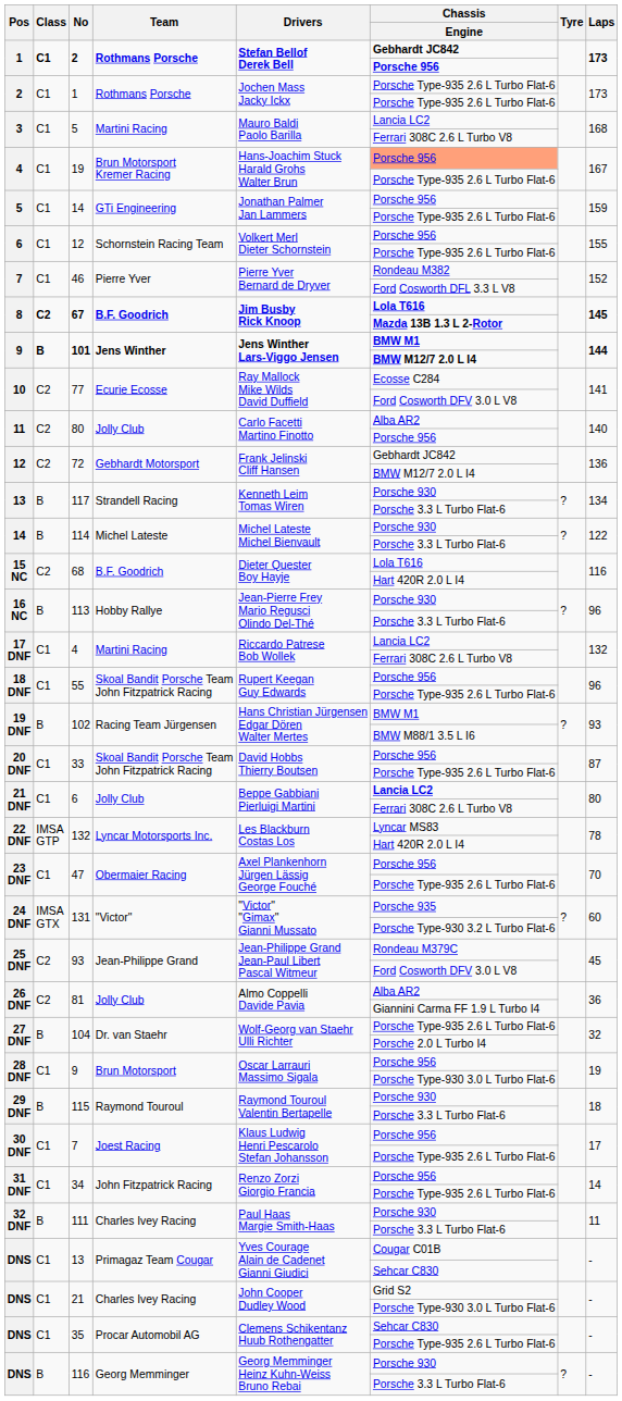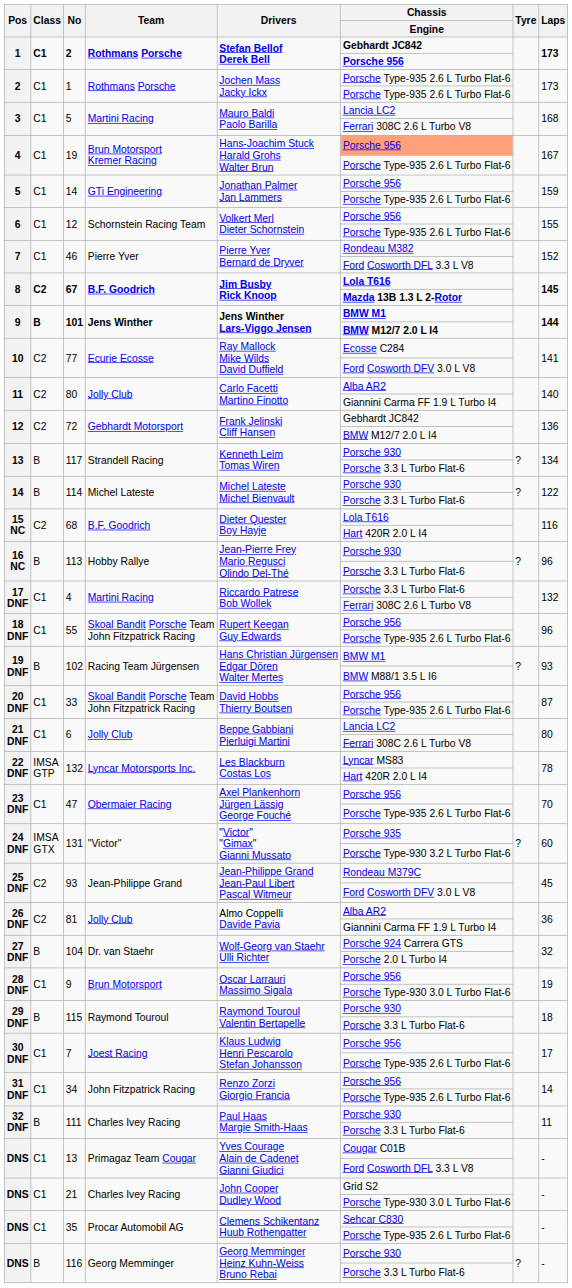 <table class="wikitable" style="font-size: 95%;">
 <tr>
 <th rowspan=2>Pos</th>
 <th rowspan=2>Class</th>
 <th rowspan=2>No</th>
 <th rowspan=2>Team</th>
 <th rowspan=2>Drivers</th>
 <th>Chassis</th>
 <th rowspan=2>Tyre</th>
 <th rowspan=2>Laps</th>
 </tr>
 <tr>
 <th>Engine</th>
 </tr>
 <tr style="font-weight:bold">
 <th rowspan=2>1</th>
 <td rowspan=2>C1</td>
 <td rowspan=2>2</td>
 <td rowspan=2> <a href='#'>Rothmans</a> <a href='#'>Porsche</a></td>
 <td rowspan=2> <a href='#'>Stefan Bellof</a><br> <a href='#'>Derek Bell</a></td>
 <td>Gebhardt JC842</td>
 <td rowspan=2></td>
 <td rowspan=2>173</td>
 </tr>
 <tr style="font-weight:bold">
 <td><a href='#'>Porsche 956</a></td>
 </tr>
 <tr>
 <th rowspan=2>2</th>
 <td rowspan=2>C1</td>
 <td rowspan=2>1</td>
 <td rowspan=2> <a href='#'>Rothmans</a> <a href='#'>Porsche</a></td>
 <td rowspan=2> <a href='#'>Jochen Mass</a><br> <a href='#'>Jacky Ickx</a></td>
 <td><a href='#'>Porsche</a> Type-935 2.6 L Turbo Flat-6</td>
 <td rowspan=2></td>
 <td rowspan=2>173</td>
 </tr>
 <tr>
 <td><a href='#'>Porsche</a> Type-935 2.6 L Turbo Flat-6</td>
 </tr>
 <tr>
 <th rowspan=2>3</th>
 <td rowspan=2>C1</td>
 <td rowspan=2>5</td>
 <td rowspan=2> <a href='#'>Martini Racing</a></td>
 <td rowspan=2> <a href='#'>Mauro Baldi</a><br> <a href='#'>Paolo Barilla</a></td>
 <td><a href='#'>Lancia LC2</a></td>
 <td rowspan=2></td>
 <td rowspan=2>168</td>
 </tr>
 <tr>
 <td><a href='#'>Ferrari</a> 308C 2.6 L Turbo V8</td>
 </tr>
 <tr>
 <th rowspan=2>4</th>
 <td rowspan=2>C1</td>
 <td rowspan=2>19</td>
 <td rowspan=2> <a href='#'>Brun Motorsport</a><br> <a href='#'>Kremer Racing</a></td>
 <td rowspan=2> <a href='#'>Hans-Joachim Stuck</a><br> <a href='#'>Harald Grohs</a><br> <a href='#'>Walter Brun</a></td>
 <td style="background: lightsalmon;"><a href='#'>Porsche 956</a></td>
 <td rowspan=2></td>
 <td rowspan=2>167</td>
 </tr>
 <tr>
 <td><a href='#'>Porsche</a> Type-935 2.6 L Turbo Flat-6</td>
 </tr>
 <tr>
 <th rowspan=2>5</th>
 <td rowspan=2>C1</td>
 <td rowspan=2>14</td>
 <td rowspan=2> <a href='#'>GTi Engineering</a></td>
 <td rowspan=2> <a href='#'>Jonathan Palmer</a><br> <a href='#'>Jan Lammers</a></td>
 <td><a href='#'>Porsche 956</a></td>
 <td rowspan=2></td>
 <td rowspan=2>159</td>
 </tr>
 <tr>
 <td><a href='#'>Porsche</a> Type-935 2.6 L Turbo Flat-6</td>
 </tr>
 <tr>
 <th rowspan=2>6</th>
 <td rowspan=2>C1</td>
 <td rowspan=2>12</td>
 <td rowspan=2> Schornstein Racing Team</td>
 <td rowspan=2> <a href='#'>Volkert Merl</a><br> <a href='#'>Dieter Schornstein</a></td>
 <td><a href='#'>Porsche 956</a></td>
 <td rowspan=2></td>
 <td rowspan=2>155</td>
 </tr>
 <tr>
 <td><a href='#'>Porsche</a> Type-935 2.6 L Turbo Flat-6</td>
 </tr>
 <tr>
 <th rowspan=2>7</th>
 <td rowspan=2>C1</td>
 <td rowspan=2>46</td>
 <td rowspan=2> Pierre Yver</td>
 <td rowspan=2> <a href='#'>Pierre Yver</a><br> <a href='#'>Bernard de Dryver</a></td>
 <td><a href='#'>Rondeau M382</a></td>
 <td rowspan=2></td>
 <td rowspan=2>152</td>
 </tr>
 <tr>
 <td><a href='#'>Ford</a> <a href='#'>Cosworth DFL</a> 3.3 L V8</td>
 </tr>
 <tr style="font-weight:bold">
 <th rowspan=2>8</th>
 <td rowspan=2>C2</td>
 <td rowspan=2>67</td>
 <td rowspan=2> <a href='#'>B.F. Goodrich</a></td>
 <td rowspan=2> <a href='#'>Jim Busby</a><br> <a href='#'>Rick Knoop</a></td>
 <td><a href='#'>Lola T616</a></td>
 <td rowspan=2></td>
 <td rowspan=2>145</td>
 </tr>
 <tr style="font-weight:bold">
 <td><a href='#'>Mazda</a> 13B 1.3 L 2-<a href='#'>Rotor</a></td>
 </tr>
 <tr style="font-weight:bold">
 <th rowspan=2>9</th>
 <td rowspan=2>B</td>
 <td rowspan=2>101</td>
 <td rowspan=2> Jens Winther</td>
 <td rowspan=2> Jens Winther<br> <a href='#'>Lars-Viggo Jensen</a></td>
 <td><a href='#'>BMW M1</a></td>
 <td rowspan=2></td>
 <td rowspan=2>144</td>
 </tr>
 <tr style="font-weight:bold">
 <td><a href='#'>BMW</a> M12/7 2.0 L I4</td>
 </tr>
 <tr>
 <th rowspan=2>10</th>
 <td rowspan=2>C2</td>
 <td rowspan=2>77</td>
 <td rowspan=2> <a href='#'>Ecurie Ecosse</a></td>
 <td rowspan=2> <a href='#'>Ray Mallock</a><br> <a href='#'>Mike Wilds</a><br> <a href='#'>David Duffield</a></td>
 <td><a href='#'>Ecosse</a> C284</td>
 <td rowspan=2></td>
 <td rowspan=2>141</td>
 </tr>
 <tr>
 <td><a href='#'>Ford</a> <a href='#'>Cosworth DFV</a> 3.0 L V8</td>
 </tr>
 <tr>
 <th rowspan=2>11</th>
 <td rowspan=2>C2</td>
 <td rowspan=2>80</td>
 <td rowspan=2> <a href='#'>Jolly Club</a></td>
 <td rowspan=2> <a href='#'>Carlo Facetti</a><br> <a href='#'>Martino Finotto</a></td>
 <td><a href='#'>Alba AR2</a></td>
 <td rowspan=2></td>
 <td rowspan=2>140</td>
 </tr>
 <tr>
-<td><a href='#'>Porsche 956</a></td>
+<td>Giannini Carma FF 1.9 L Turbo I4</td>
 </tr>
 <tr>
 <th rowspan=2>12</th>
 <td rowspan=2>C2</td>
 <td rowspan=2>72</td>
 <td rowspan=2> <a href='#'>Gebhardt Motorsport</a></td>
 <td rowspan=2> <a href='#'>Frank Jelinski</a><br> <a href='#'>Cliff Hansen</a></td>
 <td>Gebhardt JC842</td>
 <td rowspan=2></td>
 <td rowspan=2>136</td>
 </tr>
 <tr>
 <td><a href='#'>BMW</a> M12/7 2.0 L I4</td>
 </tr>
 <tr>
 <th rowspan=2>13</th>
 <td rowspan=2>B</td>
 <td rowspan=2>117</td>
 <td rowspan=2> Strandell Racing</td>
 <td rowspan=2> <a href='#'>Kenneth Leim</a><br> <a href='#'>Tomas Wiren</a></td>
 <td><a href='#'>Porsche 930</a></td>
 <td rowspan=2>?</td>
 <td rowspan=2>134</td>
 </tr>
 <tr>
 <td><a href='#'>Porsche</a> 3.3 L Turbo Flat-6</td>
 </tr>
 <tr>
 <th rowspan=2>14</th>
 <td rowspan=2>B</td>
 <td rowspan=2>114</td>
 <td rowspan=2> Michel Lateste</td>
 <td rowspan=2> <a href='#'>Michel Lateste</a><br> <a href='#'>Michel Bienvault</a></td>
 <td><a href='#'>Porsche 930</a></td>
 <td rowspan=2>?</td>
 <td rowspan=2>122</td>
 </tr>
 <tr>
 <td><a href='#'>Porsche</a> 3.3 L Turbo Flat-6</td>
 </tr>
 <tr>
 <th rowspan=2>15<br>NC</th>
 <td rowspan=2>C2</td>
 <td rowspan=2>68</td>
 <td rowspan=2> <a href='#'>B.F. Goodrich</a></td>
 <td rowspan=2> <a href='#'>Dieter Quester</a><br> <a href='#'>Boy Hayje</a></td>
 <td><a href='#'>Lola T616</a></td>
 <td rowspan=2></td>
 <td rowspan=2>116</td>
 </tr>
 <tr>
 <td><a href='#'>Hart</a> 420R 2.0 L I4</td>
 </tr>
 <tr>
 <th rowspan=2>16<br>NC</th>
 <td rowspan=2>B</td>
 <td rowspan=2>113</td>
 <td rowspan=2> Hobby Rallye</td>
 <td rowspan=2> <a href='#'>Jean-Pierre Frey</a><br> <a href='#'>Mario Regusci</a><br> <a href='#'>Olindo Del-Thé</a></td>
 <td><a href='#'>Porsche 930</a></td>
 <td rowspan=2>?</td>
 <td rowspan=2>96</td>
 </tr>
 <tr>
 <td><a href='#'>Porsche</a> 3.3 L Turbo Flat-6</td>
 </tr>
 <tr>
 <th rowspan=2>17<br>DNF</th>
 <td rowspan=2>C1</td>
 <td rowspan=2>4</td>
 <td rowspan=2> <a href='#'>Martini Racing</a></td>
 <td rowspan=2> <a href='#'>Riccardo Patrese</a><br> <a href='#'>Bob Wollek</a></td>
-<td><a href='#'>Lancia LC2</a></td>
+<td><a href='#'>Porsche</a> 3.3 L Turbo Flat-6</td>
 <td rowspan=2></td>
 <td rowspan=2>132</td>
 </tr>
 <tr>
 <td><a href='#'>Ferrari</a> 308C 2.6 L Turbo V8</td>
 </tr>
 <tr>
 <th rowspan=2>18<br>DNF</th>
 <td rowspan=2>C1</td>
 <td rowspan=2>55</td>
 <td rowspan=2> <a href='#'>Skoal Bandit</a> <a href='#'>Porsche</a> Team<br> John Fitzpatrick Racing</td>
 <td rowspan=2> <a href='#'>Rupert Keegan</a><br> <a href='#'>Guy Edwards</a></td>
 <td><a href='#'>Porsche 956</a></td>
 <td rowspan=2></td>
 <td rowspan=2>96</td>
 </tr>
 <tr>
 <td><a href='#'>Porsche</a> Type-935 2.6 L Turbo Flat-6</td>
 </tr>
 <tr>
 <th rowspan=2>19<br>DNF</th>
 <td rowspan=2>B</td>
 <td rowspan=2>102</td>
 <td rowspan=2> Racing Team Jürgensen</td>
 <td rowspan=2> <a href='#'>Hans Christian Jürgensen</a><br> <a href='#'>Edgar Dören</a><br> <a href='#'>Walter Mertes</a></td>
 <td><a href='#'>BMW M1</a></td>
 <td rowspan=2>?</td>
 <td rowspan=2>93</td>
 </tr>
 <tr>
 <td><a href='#'>BMW</a> M88/1 3.5 L I6</td>
 </tr>
 <tr>
 <th rowspan=2>20<br>DNF</th>
 <td rowspan=2>C1</td>
 <td rowspan=2>33</td>
 <td rowspan=2> <a href='#'>Skoal Bandit</a> <a href='#'>Porsche</a> Team<br> John Fitzpatrick Racing</td>
 <td rowspan=2> <a href='#'>David Hobbs</a><br> <a href='#'>Thierry Boutsen</a></td>
 <td><a href='#'>Porsche 956</a></td>
 <td rowspan=2></td>
 <td rowspan=2>87</td>
 </tr>
 <tr>
 <td><a href='#'>Porsche</a> Type-935 2.6 L Turbo Flat-6</td>
 </tr>
 <tr>
 <th rowspan=2>21<br>DNF</th>
 <td rowspan=2>C1</td>
 <td rowspan=2>6</td>
 <td rowspan=2> <a href='#'>Jolly Club</a></td>
 <td rowspan=2> <a href='#'>Beppe Gabbiani</a><br> <a href='#'>Pierluigi Martini</a></td>
-<td><strong><a href='#'>Lancia LC2</a></strong></td>
+<td><a href='#'>Lancia LC2</a></td>
 <td rowspan=2></td>
 <td rowspan=2>80</td>
 </tr>
 <tr>
 <td><a href='#'>Ferrari</a> 308C 2.6 L Turbo V8</td>
 </tr>
 <tr>
 <th rowspan=2>22<br>DNF</th>
 <td rowspan=2>IMSA<br>GTP</td>
 <td rowspan=2>132</td>
 <td rowspan=2> <a href='#'>Lyncar Motorsports Inc.</a></td>
 <td rowspan=2> <a href='#'>Les Blackburn</a><br> <a href='#'>Costas Los</a></td>
 <td><a href='#'>Lyncar</a> MS83</td>
 <td rowspan=2></td>
 <td rowspan=2>78</td>
 </tr>
 <tr>
 <td><a href='#'>Hart</a> 420R 2.0 L I4</td>
 </tr>
 <tr>
 <th rowspan=2>23<br>DNF</th>
 <td rowspan=2>C1</td>
 <td rowspan=2>47</td>
 <td rowspan=2> <a href='#'>Obermaier Racing</a></td>
 <td rowspan=2> <a href='#'>Axel Plankenhorn</a><br> <a href='#'>Jürgen Lässig</a><br> <a href='#'>George Fouché</a></td>
 <td><a href='#'>Porsche 956</a></td>
 <td rowspan=2></td>
 <td rowspan=2>70</td>
 </tr>
 <tr>
 <td><a href='#'>Porsche</a> Type-935 2.6 L Turbo Flat-6</td>
 </tr>
 <tr>
 <th rowspan=2>24<br>DNF</th>
 <td rowspan=2>IMSA<br>GTX</td>
 <td rowspan=2>131</td>
 <td rowspan=2> "Victor"</td>
 <td rowspan=2> "<a href='#'>Victor</a>"<br> "<a href='#'>Gimax</a>"<br> <a href='#'>Gianni Mussato</a></td>
 <td><a href='#'>Porsche 935</a></td>
 <td rowspan=2>?</td>
 <td rowspan=2>60</td>
 </tr>
 <tr>
 <td><a href='#'>Porsche</a> Type-930 3.2 L Turbo Flat-6</td>
 </tr>
 <tr>
 <th rowspan=2>25<br>DNF</th>
 <td rowspan=2>C2</td>
 <td rowspan=2>93</td>
 <td rowspan=2> Jean-Philippe Grand</td>
 <td rowspan=2> <a href='#'>Jean-Philippe Grand</a><br> <a href='#'>Jean-Paul Libert</a><br> <a href='#'>Pascal Witmeur</a></td>
 <td><a href='#'>Rondeau M379C</a></td>
 <td rowspan=2></td>
 <td rowspan=2>45</td>
 </tr>
 <tr>
 <td><a href='#'>Ford</a> <a href='#'>Cosworth DFV</a> 3.0 L V8</td>
 </tr>
 <tr>
 <th rowspan=2>26<br>DNF</th>
 <td rowspan=2>C2</td>
 <td rowspan=2>81</td>
 <td rowspan=2> <a href='#'>Jolly Club</a></td>
 <td rowspan=2> Almo Coppelli<br> <a href='#'>Davide Pavia</a></td>
 <td><a href='#'>Alba AR2</a></td>
 <td rowspan=2></td>
 <td rowspan=2>36</td>
 </tr>
 <tr>
 <td>Giannini Carma FF 1.9 L Turbo I4</td>
 </tr>
 <tr>
 <th rowspan=2>27<br>DNF</th>
 <td rowspan=2>B</td>
 <td rowspan=2>104</td>
 <td rowspan=2> Dr. van Staehr</td>
 <td rowspan=2> <a href='#'>Wolf-Georg van Staehr</a><br> <a href='#'>Ulli Richter</a></td>
-<td><a href='#'>Porsche</a> Type-935 2.6 L Turbo Flat-6</td>
+<td><a href='#'>Porsche 924</a> Carrera GTS</td>
 <td rowspan=2></td>
 <td rowspan=2>32</td>
 </tr>
 <tr>
 <td><a href='#'>Porsche</a> 2.0 L Turbo I4</td>
 </tr>
 <tr>
 <th rowspan=2>28<br>DNF</th>
 <td rowspan=2>C1</td>
 <td rowspan=2>9</td>
 <td rowspan=2> <a href='#'>Brun Motorsport</a></td>
 <td rowspan=2> <a href='#'>Oscar Larrauri</a><br> <a href='#'>Massimo Sigala</a></td>
 <td><a href='#'>Porsche 956</a></td>
 <td rowspan=2></td>
 <td rowspan=2>19</td>
 </tr>
 <tr>
 <td><a href='#'>Porsche</a> Type-930 3.0 L Turbo Flat-6</td>
 </tr>
 <tr>
 <th rowspan=2>29<br>DNF</th>
 <td rowspan=2>B</td>
 <td rowspan=2>115</td>
 <td rowspan=2> Raymond Touroul</td>
 <td rowspan=2> <a href='#'>Raymond Touroul</a><br> <a href='#'>Valentin Bertapelle</a></td>
 <td><a href='#'>Porsche 930</a></td>
 <td rowspan=2></td>
 <td rowspan=2>18</td>
 </tr>
 <tr>
 <td><a href='#'>Porsche</a> 3.3 L Turbo Flat-6</td>
 </tr>
 <tr>
 <th rowspan=2>30<br>DNF</th>
 <td rowspan=2>C1</td>
 <td rowspan=2>7</td>
 <td rowspan=2> <a href='#'>Joest Racing</a></td>
 <td rowspan=2> <a href='#'>Klaus Ludwig</a><br> <a href='#'>Henri Pescarolo</a><br> <a href='#'>Stefan Johansson</a></td>
 <td><a href='#'>Porsche 956</a></td>
 <td rowspan=2></td>
 <td rowspan=2>17</td>
 </tr>
 <tr>
 <td><a href='#'>Porsche</a> Type-935 2.6 L Turbo Flat-6</td>
 </tr>
 <tr>
 <th rowspan=2>31<br>DNF</th>
 <td rowspan=2>C1</td>
 <td rowspan=2>34</td>
 <td rowspan=2> John Fitzpatrick Racing</td>
 <td rowspan=2> <a href='#'>Renzo Zorzi</a><br> <a href='#'>Giorgio Francia</a></td>
 <td><a href='#'>Porsche 956</a></td>
 <td rowspan=2></td>
 <td rowspan=2>14</td>
 </tr>
 <tr>
 <td><a href='#'>Porsche</a> Type-935 2.6 L Turbo Flat-6</td>
 </tr>
 <tr>
 <th rowspan=2>32<br>DNF</th>
 <td rowspan=2>B</td>
 <td rowspan=2>111</td>
 <td rowspan=2> Charles Ivey Racing</td>
 <td rowspan=2> <a href='#'>Paul Haas</a><br> <a href='#'>Margie Smith-Haas</a></td>
 <td><a href='#'>Porsche 930</a></td>
 <td rowspan=2></td>
 <td rowspan=2>11</td>
 </tr>
 <tr>
 <td><a href='#'>Porsche</a> 3.3 L Turbo Flat-6</td>
 </tr>
 <tr>
 <th rowspan=2>DNS</th>
 <td rowspan=2>C1</td>
 <td rowspan=2>13</td>
 <td rowspan=2> Primagaz Team <a href='#'>Cougar</a></td>
 <td rowspan=2> <a href='#'>Yves Courage</a><br> <a href='#'>Alain de Cadenet</a><br> <a href='#'>Gianni Giudici</a></td>
 <td><a href='#'>Cougar</a> C01B</td>
 <td rowspan=2></td>
 <td rowspan=2>-</td>
 </tr>
 <tr>
-<td><a href='#'>Sehcar C830</a></td>
+<td><a href='#'>Ford</a> <a href='#'>Cosworth DFL</a> 3.3 L V8</td>
 </tr>
 <tr>
 <th rowspan=2>DNS</th>
 <td rowspan=2>C1</td>
 <td rowspan=2>21</td>
 <td rowspan=2> Charles Ivey Racing</td>
 <td rowspan=2> <a href='#'>John Cooper</a><br> <a href='#'>Dudley Wood</a></td>
 <td>Grid S2</td>
 <td rowspan=2></td>
 <td rowspan=2>-</td>
 </tr>
 <tr>
 <td><a href='#'>Porsche</a> Type-930 3.0 L Turbo Flat-6</td>
 </tr>
 <tr>
 <th rowspan=2>DNS</th>
 <td rowspan=2>C1</td>
 <td rowspan=2>35</td>
 <td rowspan=2> Procar Automobil AG</td>
 <td rowspan=2> <a href='#'>Clemens Schikentanz</a><br> <a href='#'>Huub Rothengatter</a></td>
 <td><a href='#'>Sehcar C830</a></td>
 <td rowspan=2></td>
 <td rowspan=2>-</td>
 </tr>
 <tr>
 <td><a href='#'>Porsche</a> Type-935 2.6 L Turbo Flat-6</td>
 </tr>
 <tr>
 <th rowspan=2>DNS</th>
 <td rowspan=2>B</td>
 <td rowspan=2>116</td>
 <td rowspan=2> Georg Memminger</td>
 <td rowspan=2> <a href='#'>Georg Memminger</a><br> <a href='#'>Heinz Kuhn-Weiss</a><br> <a href='#'>Bruno Rebai</a></td>
 <td><a href='#'>Porsche 930</a></td>
 <td rowspan=2>?</td>
 <td rowspan=2>-</td>
 </tr>
 <tr>
 <td><a href='#'>Porsche</a> 3.3 L Turbo Flat-6</td>
 </tr>
 </table>
